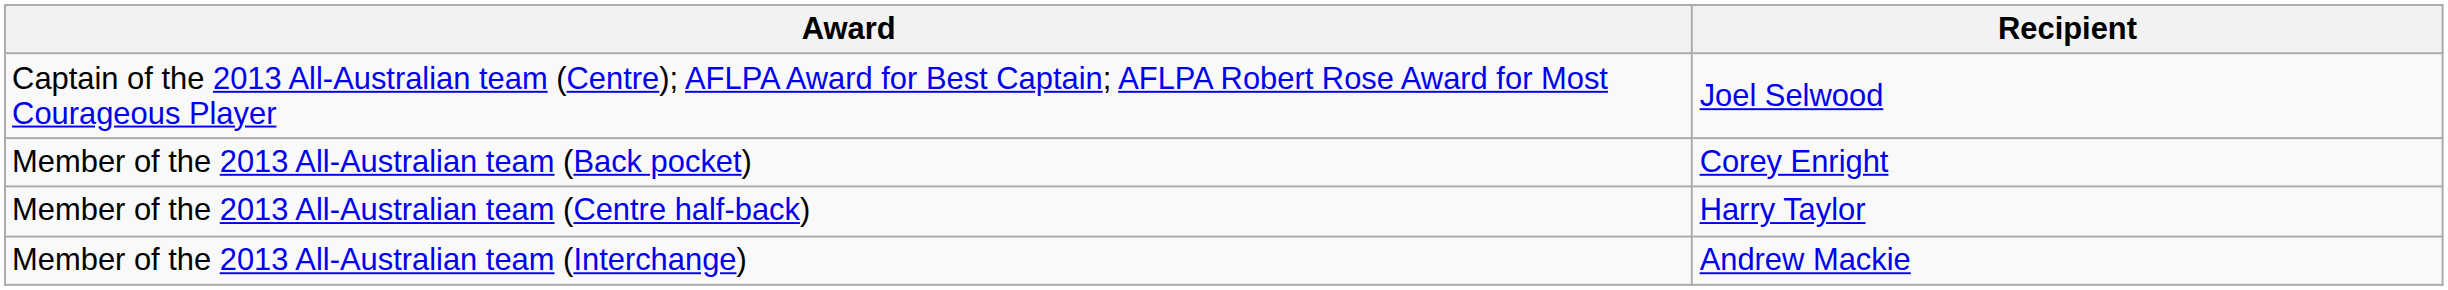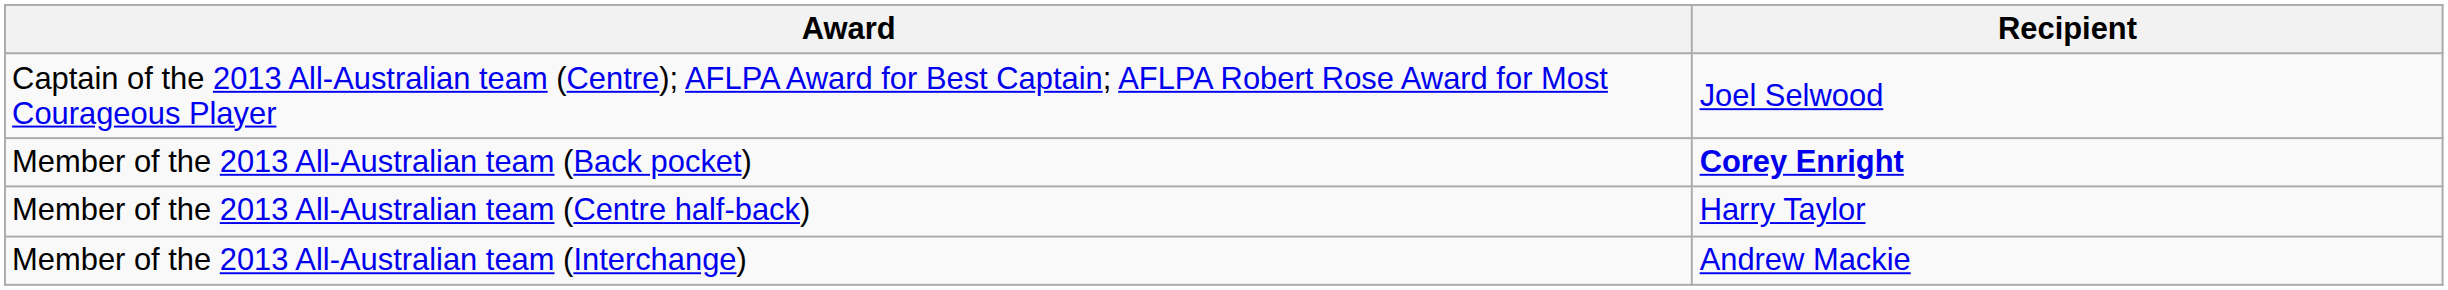 <table class="wikitable sortable" style="width:100%;">
 <tr style="background:#efefef;">
 <th style="width:45%;">Award</th>
 <th style="width:20%;">Recipient</th>
 </tr>
 <tr>
 <td>Captain of the <a href='#'>2013 All-Australian team</a> (<a href='#'>Centre</a>); <a href='#'>AFLPA Award for Best Captain</a>; <a href='#'>AFLPA Robert Rose Award for Most Courageous Player</a></td>
 <td><a href='#'>Joel Selwood</a></td>
 </tr>
 <tr>
 <td>Member of the <a href='#'>2013 All-Australian team</a> (<a href='#'>Back pocket</a>)</td>
-<td><a href='#'>Corey Enright</a></td>
+<td><strong><a href='#'>Corey Enright</a></strong></td>
 </tr>
 <tr>
 <td>Member of the <a href='#'>2013 All-Australian team</a> (<a href='#'>Centre half-back</a>)</td>
 <td><a href='#'>Harry Taylor</a></td>
 </tr>
 <tr>
 <td>Member of the <a href='#'>2013 All-Australian team</a> (<a href='#'>Interchange</a>)</td>
 <td><a href='#'>Andrew Mackie</a></td>
 </tr>
 </table>
